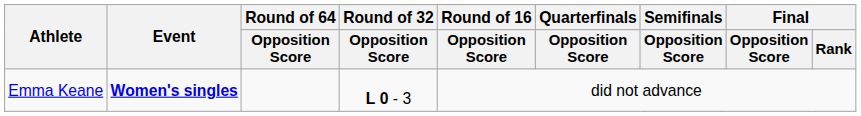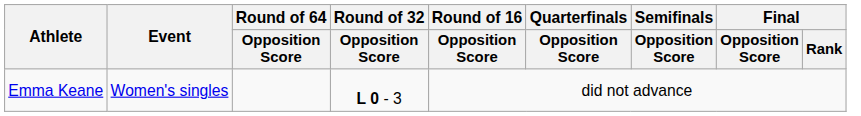 <table class=wikitable style=font-size:90%;text-align:center>
 <tr>
 <th rowspan=2>Athlete</th>
 <th rowspan=2>Event</th>
 <th>Round of 64</th>
 <th>Round of 32</th>
 <th>Round of 16</th>
 <th>Quarterfinals</th>
 <th>Semifinals</th>
 <th colspan=2>Final</th>
 </tr>
 <tr style=font-size:95%>
 <th>Opposition<br>Score</th>
 <th>Opposition<br>Score</th>
 <th>Opposition<br>Score</th>
 <th>Opposition<br>Score</th>
 <th>Opposition<br>Score</th>
 <th>Opposition<br>Score</th>
 <th>Rank</th>
 </tr>
 <tr>
 <td align=left><a href='#'>Emma Keane</a></td>
-<td align=left><strong><a href='#'>Women's singles</a></strong></td>
+<td align=left><a href='#'>Women's singles</a></td>
 <td></td>
 <td><br><strong>L</strong> <strong>0</strong> - 3</td>
 <td colspan=5>did not advance</td>
 </tr>
 </table>
